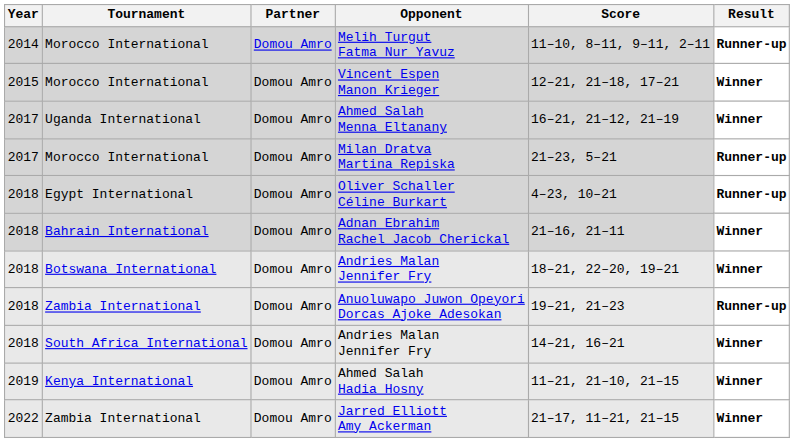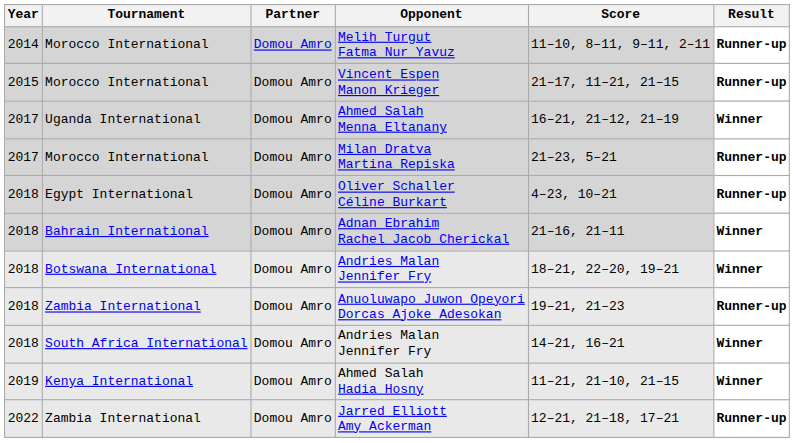 <table class="sortable wikitable" style="font-size: 90%;">
 <tr>
 <th>Year</th>
 <th>Tournament</th>
 <th>Partner</th>
 <th>Opponent</th>
 <th>Score</th>
 <th>Result</th>
 </tr>
 <tr style="background:#D5D5D5">
 <td align="center">2014</td>
 <td align="left">Morocco International</td>
 <td align="left"> <a href='#'>Domou Amro</a></td>
 <td align="left"> <a href='#'>Melih Turgut</a><br> <a href='#'>Fatma Nur Yavuz</a></td>
 <td align="left">11–10, 8–11, 9–11, 2–11</td>
 <td style="text-align:left; background:white"> <strong>Runner-up</strong></td>
 </tr>
 <tr style="background:#D5D5D5">
 <td align="center">2015</td>
 <td align="left">Morocco International</td>
 <td align="left"> Domou Amro</td>
 <td align="left"> <a href='#'>Vincent Espen</a><br> <a href='#'>Manon Krieger</a></td>
-<td align="left">12–21, 21–18, 17–21</td>
-<td style="text-align:left; background:white"> <strong>Winner</strong></td>
+<td align="left">21–17, 11–21, 21–15</td>
+<td style="text-align:left; background:white"> <strong>Runner-up</strong></td>
 </tr>
 <tr style="background:#D5D5D5">
 <td align="center">2017</td>
 <td align="left">Uganda International</td>
 <td align="left"> Domou Amro</td>
 <td align="left"> <a href='#'>Ahmed Salah</a><br> <a href='#'>Menna Eltanany</a></td>
 <td align="left">16–21, 21–12, 21–19</td>
 <td style="text-align:left; background:white"> <strong>Winner</strong></td>
 </tr>
 <tr style="background:#D5D5D5">
 <td align="center">2017</td>
 <td align="left">Morocco International</td>
 <td align="left"> Domou Amro</td>
 <td align="left"> <a href='#'>Milan Dratva</a><br> <a href='#'>Martina Repiska</a></td>
 <td align="left">21–23, 5–21</td>
 <td style="text-align:left; background:white"> <strong>Runner-up</strong></td>
 </tr>
 <tr style="background:#D5D5D5">
 <td align="center">2018</td>
 <td align="left">Egypt International</td>
 <td align="left"> Domou Amro</td>
 <td align="left"> <a href='#'>Oliver Schaller</a><br> <a href='#'>Céline Burkart</a></td>
 <td align="left">4–23, 10–21</td>
 <td style="text-align:left; background:white"> <strong>Runner-up</strong></td>
 </tr>
 <tr style="background:#D5D5D5">
 <td align="center">2018</td>
 <td align="left"><a href='#'>Bahrain International</a></td>
 <td align="left"> Domou Amro</td>
 <td align="left"> <a href='#'>Adnan Ebrahim</a><br> <a href='#'>Rachel Jacob Cherickal</a></td>
 <td align="left">21–16, 21–11</td>
 <td style="text-align:left; background:white"> <strong>Winner</strong></td>
 </tr>
 <tr style="background:#E9E9E9">
 <td align="center">2018</td>
 <td align="left"><a href='#'>Botswana International</a></td>
 <td align="left"> Domou Amro</td>
 <td align="left"> <a href='#'>Andries Malan</a><br> <a href='#'>Jennifer Fry</a></td>
 <td align="left">18–21, 22–20, 19–21</td>
 <td style="text-align:left; background:white"> <strong>Winner</strong></td>
 </tr>
 <tr style="background:#E9E9E9">
 <td align="center">2018</td>
 <td align="left"><a href='#'>Zambia International</a></td>
 <td align="left"> Domou Amro</td>
 <td align="left"> <a href='#'>Anuoluwapo Juwon Opeyori</a><br> <a href='#'>Dorcas Ajoke Adesokan</a></td>
 <td align="left">19–21, 21–23</td>
 <td style="text-align:left; background:white"> <strong>Runner-up</strong></td>
 </tr>
 <tr style="background:#E9E9E9">
 <td align="center">2018</td>
 <td align="left"><a href='#'>South Africa International</a></td>
 <td align="left"> Domou Amro</td>
 <td align="left"> Andries Malan<br> Jennifer Fry</td>
 <td align="left">14–21, 16–21</td>
 <td style="text-align:left; background:white"> <strong>Winner</strong></td>
 </tr>
 <tr style="background:#E9E9E9">
 <td align="center">2019</td>
 <td align="left"><a href='#'>Kenya International</a></td>
 <td align="left"> Domou Amro</td>
 <td align="left"> Ahmed Salah<br> <a href='#'>Hadia Hosny</a></td>
 <td align="left">11–21, 21–10, 21–15</td>
 <td style="text-align:left; background:white"> <strong>Winner</strong></td>
 </tr>
 <tr style="background:#E9E9E9">
 <td align="center">2022</td>
 <td align="left">Zambia International</td>
 <td align="left"> Domou Amro</td>
 <td align="left"> <a href='#'>Jarred Elliott</a><br> <a href='#'>Amy Ackerman</a></td>
-<td align="left">21–17, 11–21, 21–15</td>
-<td style="text-align:left; background:white"> <strong>Winner</strong></td>
+<td align="left">12–21, 21–18, 17–21</td>
+<td style="text-align:left; background:white"> <strong>Runner-up</strong></td>
 </tr>
 </table>
